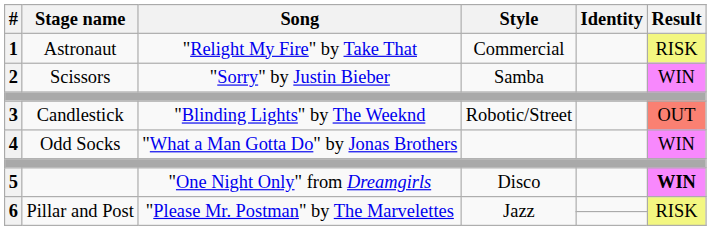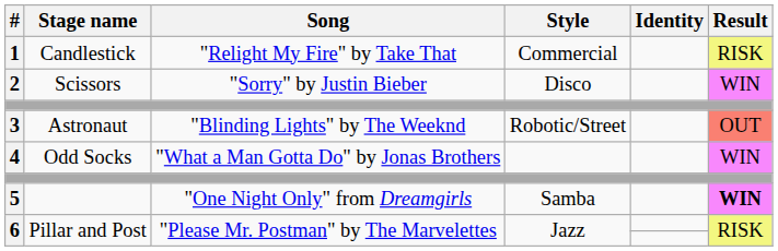 <table class="wikitable plainrowheaders" style="text-align: center;">
 <tr>
 <th>#</th>
 <th>Stage name</th>
 <th>Song</th>
 <th>Style</th>
 <th>Identity</th>
 <th>Result</th>
 </tr>
 <tr>
 <th>1</th>
-<td>Astronaut</td>
+<td>Candlestick</td>
 <td>"<a href='#'>Relight My Fire</a>" by <a href='#'>Take That</a></td>
 <td>Commercial</td>
 <td></td>
 <td bgcolor=#F3F781>RISK</td>
 </tr>
 <tr>
 <th>2</th>
 <td>Scissors</td>
 <td>"<a href='#'>Sorry</a>" by <a href='#'>Justin Bieber</a></td>
-<td>Samba</td>
+<td>Disco</td>
 <td></td>
 <td bgcolor=#F888FD>WIN</td>
 </tr>
 <tr>
 <td colspan="6" style="background:darkgray"></td>
 </tr>
 <tr>
 <th>3</th>
-<td>Candlestick</td>
+<td>Astronaut</td>
 <td>"<a href='#'>Blinding Lights</a>" by <a href='#'>The Weeknd</a></td>
 <td>Robotic/Street</td>
 <td></td>
 <td bgcolor=salmon>OUT</td>
 </tr>
 <tr>
 <th>4</th>
 <td>Odd Socks</td>
 <td>"<a href='#'>What a Man Gotta Do</a>" by <a href='#'>Jonas Brothers</a></td>
 <td></td>
 <td></td>
 <td bgcolor=#F888FD>WIN</td>
 </tr>
 <tr>
 <td colspan="6" style="background:darkgray"></td>
 </tr>
 <tr>
 <th>5</th>
 <td></td>
 <td>"<a href='#'>One Night Only</a>" from <em><a href='#'>Dreamgirls</a></em></td>
-<td>Disco</td>
+<td>Samba</td>
 <td></td>
 <td bgcolor=#F888FD><strong>WIN</strong></td>
 </tr>
 <tr>
 <th rowspan="2">6</th>
 <td rowspan="2">Pillar and Post</td>
 <td rowspan="2">"<a href='#'>Please Mr. Postman</a>" by <a href='#'>The Marvelettes</a></td>
 <td rowspan="2">Jazz</td>
 <td></td>
 <td rowspan="2" bgcolor=#F3F781>RISK</td>
 </tr>
 <tr>
 <td></td>
 </tr>
 </table>
